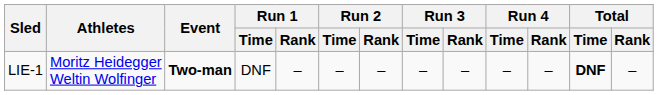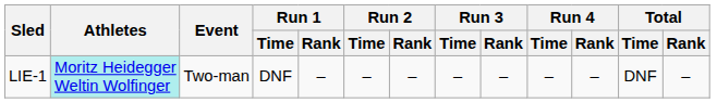 <table class="wikitable" border="1" style="font-size:90%">
 <tr>
 <th rowspan="2">Sled</th>
 <th rowspan="2">Athletes</th>
 <th rowspan="2">Event</th>
 <th colspan="2">Run 1</th>
 <th colspan="2">Run 2</th>
 <th colspan="2">Run 3</th>
 <th colspan="2">Run 4</th>
 <th colspan="2">Total</th>
 </tr>
 <tr>
 <th>Time</th>
 <th>Rank</th>
 <th>Time</th>
 <th>Rank</th>
 <th>Time</th>
 <th>Rank</th>
 <th>Time</th>
 <th>Rank</th>
 <th>Time</th>
 <th>Rank</th>
 </tr>
 <tr>
 <td align="center">LIE-1</td>
-<td><a href='#'>Moritz Heidegger</a><br><a href='#'>Weltin Wolfinger</a></td>
-<td><strong>Two-man</strong></td>
+<td style="background: paleturquoise;"><a href='#'>Moritz Heidegger</a><br><a href='#'>Weltin Wolfinger</a></td>
+<td>Two-man</td>
 <td align="center">DNF</td>
 <td align="center">–</td>
 <td align="center">–</td>
 <td align="center">–</td>
 <td align="center">–</td>
 <td align="center">–</td>
 <td align="center">–</td>
 <td align="center">–</td>
-<td align="center"><strong>DNF</strong></td>
+<td align="center">DNF</td>
 <td align="center">–</td>
 </tr>
 </table>
